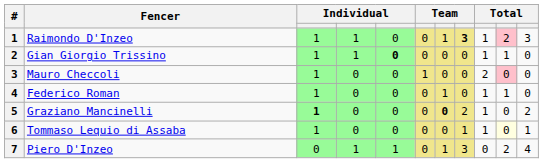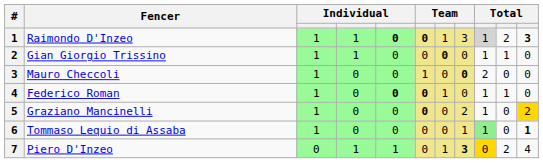 <table class="wikitable" width=45% style="font-size:90%; text-align:center;">
 <tr>
 <th rowspan=2>#</th>
 <th rowspan=2>Fencer</th>
 <th colspan=3>Individual</th>
 <th colspan=3>Team</th>
 <th colspan=3>Total</th>
 </tr>
 <tr>
 <th></th>
 <th></th>
 <th></th>
 <th></th>
 <th></th>
 <th></th>
 <th></th>
 <th></th>
 <th></th>
 </tr>
 <tr>
 <th>1</th>
 <td align=left><a href='#'>Raimondo D'Inzeo</a></td>
 <td bgcolor=PaleGreen>1</td>
 <td bgcolor=PaleGreen>1</td>
-<td bgcolor=PaleGreen>0</td>
-<td bgcolor=Khaki>0</td>
+<td bgcolor=PaleGreen><strong>0</strong></td>
+<td bgcolor=Khaki><strong>0</strong></td>
 <td bgcolor=Khaki>1</td>
-<td bgcolor=Khaki><strong>3</strong></td>
-<td>1</td>
-<td style="background: pink;">2</td>
-<td>3</td>
+<td bgcolor=Khaki>3</td>
+<td style="background: lightgrey;">1</td>
+<td>2</td>
+<td><strong>3</strong></td>
 </tr>
 <tr>
 <th>2</th>
 <td align=left><a href='#'>Gian Giorgio Trissino</a></td>
 <td bgcolor=PaleGreen>1</td>
 <td bgcolor=PaleGreen>1</td>
-<td bgcolor=PaleGreen><strong>0</strong></td>
+<td bgcolor=PaleGreen>0</td>
 <td bgcolor=Khaki>0</td>
-<td bgcolor=Khaki>0</td>
+<td bgcolor=Khaki><strong>0</strong></td>
 <td bgcolor=Khaki>0</td>
 <td>1</td>
 <td>1</td>
 <td>0</td>
 </tr>
 <tr>
 <th>3</th>
 <td align=left><a href='#'>Mauro Checcoli</a></td>
 <td bgcolor=PaleGreen>1</td>
 <td bgcolor=PaleGreen>0</td>
 <td bgcolor=PaleGreen>0</td>
 <td bgcolor=Khaki>1</td>
 <td bgcolor=Khaki>0</td>
-<td bgcolor=Khaki>0</td>
+<td bgcolor=Khaki><strong>0</strong></td>
 <td>2</td>
-<td style="background: pink;">0</td>
+<td>0</td>
 <td>0</td>
 </tr>
 <tr>
 <th>4</th>
 <td align=left><a href='#'>Federico Roman</a></td>
 <td bgcolor=PaleGreen>1</td>
 <td bgcolor=PaleGreen>0</td>
-<td bgcolor=PaleGreen>0</td>
-<td bgcolor=Khaki>0</td>
+<td bgcolor=PaleGreen><strong>0</strong></td>
+<td bgcolor=Khaki><strong>0</strong></td>
 <td bgcolor=Khaki>1</td>
 <td bgcolor=Khaki>0</td>
 <td>1</td>
 <td>1</td>
 <td>0</td>
 </tr>
 <tr>
 <th>5</th>
 <td align=left><a href='#'>Graziano Mancinelli</a></td>
-<td bgcolor=PaleGreen><strong>1</strong></td>
+<td bgcolor=PaleGreen>1</td>
 <td bgcolor=PaleGreen>0</td>
 <td bgcolor=PaleGreen>0</td>
+<td bgcolor=Khaki><strong>0</strong></td>
 <td bgcolor=Khaki>0</td>
-<td bgcolor=Khaki><strong>0</strong></td>
 <td bgcolor=Khaki>2</td>
 <td>1</td>
 <td>0</td>
-<td>2</td>
+<td style="background: gold;">2</td>
 </tr>
 <tr>
 <th>6</th>
 <td align=left><a href='#'>Tommaso Lequio di Assaba</a></td>
 <td bgcolor=PaleGreen>1</td>
 <td bgcolor=PaleGreen>0</td>
 <td bgcolor=PaleGreen>0</td>
 <td bgcolor=Khaki>0</td>
 <td bgcolor=Khaki>0</td>
 <td bgcolor=Khaki>1</td>
-<td>1</td>
-<td style="background: lightyellow;">0</td>
-<td>1</td>
+<td style="background: lightgreen;">1</td>
+<td>0</td>
+<td><strong>1</strong></td>
 </tr>
 <tr>
 <th>7</th>
 <td align=left><a href='#'>Piero D'Inzeo</a></td>
 <td bgcolor=PaleGreen>0</td>
 <td bgcolor=PaleGreen>1</td>
 <td bgcolor=PaleGreen>1</td>
 <td bgcolor=Khaki>0</td>
 <td bgcolor=Khaki>1</td>
-<td bgcolor=Khaki>3</td>
-<td>0</td>
+<td bgcolor=Khaki><strong>3</strong></td>
+<td style="background: gold;">0</td>
 <td>2</td>
 <td>4</td>
 </tr>
 </table>
